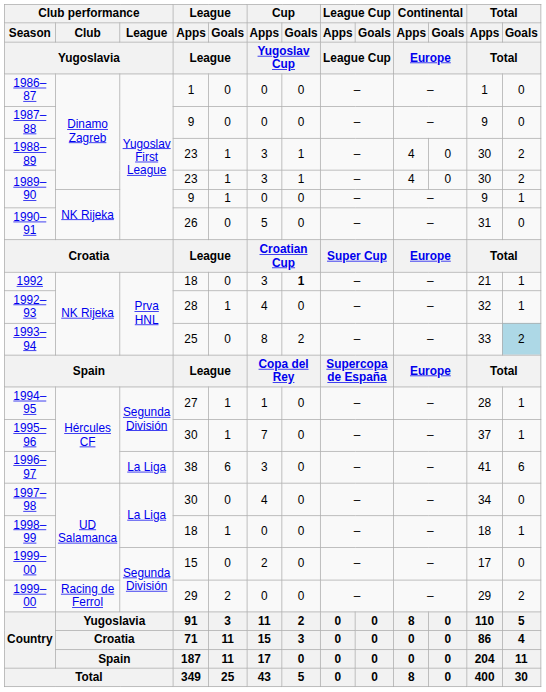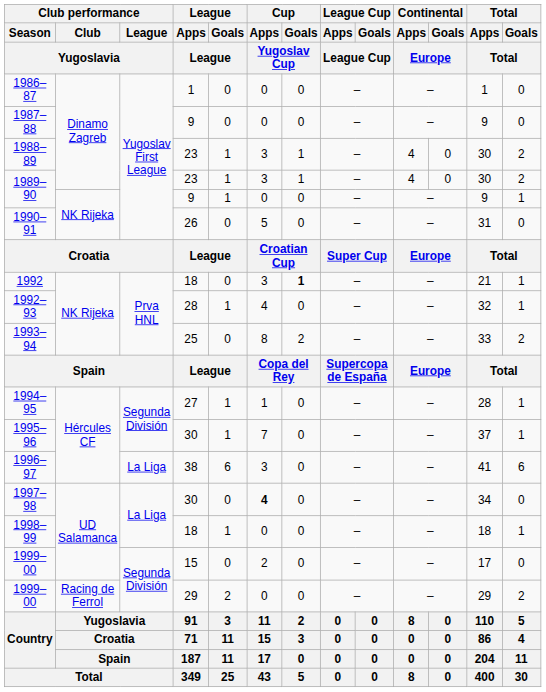 <table class="wikitable" style="text-align:center;">
 <tr>
 <th colspan=3>Club performance</th>
 <th colspan=2>League</th>
 <th colspan=2>Cup</th>
 <th colspan=2>League Cup</th>
 <th colspan=2>Continental</th>
 <th colspan=2>Total</th>
 </tr>
 <tr>
 <th>Season</th>
 <th>Club</th>
 <th>League</th>
 <th>Apps</th>
 <th>Goals</th>
 <th>Apps</th>
 <th>Goals</th>
 <th>Apps</th>
 <th>Goals</th>
 <th>Apps</th>
 <th>Goals</th>
 <th>Apps</th>
 <th>Goals</th>
 </tr>
 <tr>
 <th colspan=3>Yugoslavia</th>
 <th colspan=2>League</th>
 <th colspan=2><a href='#'>Yugoslav Cup</a></th>
 <th colspan=2>League Cup</th>
 <th colspan=2><a href='#'>Europe</a></th>
 <th colspan=2>Total</th>
 </tr>
 <tr>
 <td><a href='#'>1986–87</a></td>
 <td rowspan="4"><a href='#'>Dinamo Zagreb</a></td>
 <td rowspan="6"><a href='#'>Yugoslav First League</a></td>
 <td>1</td>
 <td>0</td>
 <td>0</td>
 <td>0</td>
 <td colspan="2">–</td>
 <td colspan="2">–</td>
 <td>1</td>
 <td>0</td>
 </tr>
 <tr>
 <td><a href='#'>1987–88</a></td>
 <td>9</td>
 <td>0</td>
 <td>0</td>
 <td>0</td>
 <td colspan="2">–</td>
 <td colspan="2">–</td>
 <td>9</td>
 <td>0</td>
 </tr>
 <tr>
 <td><a href='#'>1988–89</a></td>
 <td>23</td>
 <td>1</td>
 <td>3</td>
 <td>1</td>
 <td colspan="2">–</td>
 <td>4</td>
 <td>0</td>
 <td>30</td>
 <td>2</td>
 </tr>
 <tr>
 <td rowspan="2"><a href='#'>1989–90</a></td>
 <td>23</td>
 <td>1</td>
 <td>3</td>
 <td>1</td>
 <td colspan="2">–</td>
 <td>4</td>
 <td>0</td>
 <td>30</td>
 <td>2</td>
 </tr>
 <tr>
 <td rowspan="2"><a href='#'>NK Rijeka</a></td>
 <td>9</td>
 <td>1</td>
 <td>0</td>
 <td>0</td>
 <td colspan="2">–</td>
 <td colspan="2">–</td>
 <td>9</td>
 <td>1</td>
 </tr>
 <tr>
 <td><a href='#'>1990–91</a></td>
 <td>26</td>
 <td>0</td>
 <td>5</td>
 <td>0</td>
 <td colspan="2">–</td>
 <td colspan="2">–</td>
 <td>31</td>
 <td>0</td>
 </tr>
 <tr>
 <th colspan=3>Croatia</th>
 <th colspan=2>League</th>
 <th colspan=2><a href='#'>Croatian Cup</a></th>
 <th colspan=2><a href='#'>Super Cup</a></th>
 <th colspan=2><a href='#'>Europe</a></th>
 <th colspan=2>Total</th>
 </tr>
 <tr>
 <td><a href='#'>1992</a></td>
 <td rowspan="3"><a href='#'>NK Rijeka</a></td>
 <td rowspan="3"><a href='#'>Prva HNL</a></td>
 <td>18</td>
 <td>0</td>
 <td>3</td>
 <td><strong>1</strong></td>
 <td colspan="2">–</td>
 <td colspan="2">–</td>
 <td>21</td>
 <td>1</td>
 </tr>
 <tr>
 <td><a href='#'>1992–93</a></td>
 <td>28</td>
 <td>1</td>
 <td>4</td>
 <td>0</td>
 <td colspan="2">–</td>
 <td colspan="2">–</td>
 <td>32</td>
 <td>1</td>
 </tr>
 <tr>
 <td><a href='#'>1993–94</a></td>
 <td>25</td>
 <td>0</td>
 <td>8</td>
 <td>2</td>
 <td colspan="2">–</td>
 <td colspan="2">–</td>
 <td>33</td>
-<td style="background: lightblue;">2</td>
+<td>2</td>
 </tr>
 <tr>
 <th colspan=3>Spain</th>
 <th colspan=2>League</th>
 <th colspan=2><a href='#'>Copa del Rey</a></th>
 <th colspan=2><a href='#'>Supercopa de España</a></th>
 <th colspan=2><a href='#'>Europe</a></th>
 <th colspan=2>Total</th>
 </tr>
 <tr>
 <td><a href='#'>1994–95</a></td>
 <td rowspan="3"><a href='#'>Hércules CF</a></td>
 <td rowspan="2"><a href='#'>Segunda División</a></td>
 <td>27</td>
 <td>1</td>
 <td>1</td>
 <td>0</td>
 <td colspan="2">–</td>
 <td colspan="2">–</td>
 <td>28</td>
 <td>1</td>
 </tr>
 <tr>
 <td><a href='#'>1995–96</a></td>
 <td>30</td>
 <td>1</td>
 <td>7</td>
 <td>0</td>
 <td colspan="2">–</td>
 <td colspan="2">–</td>
 <td>37</td>
 <td>1</td>
 </tr>
 <tr>
 <td><a href='#'>1996–97</a></td>
 <td rowspan="1"><a href='#'>La Liga</a></td>
 <td>38</td>
 <td>6</td>
 <td>3</td>
 <td>0</td>
 <td colspan="2">–</td>
 <td colspan="2">–</td>
 <td>41</td>
 <td>6</td>
 </tr>
 <tr>
 <td><a href='#'>1997–98</a></td>
 <td rowspan="3"><a href='#'>UD Salamanca</a></td>
 <td rowspan="2"><a href='#'>La Liga</a></td>
 <td>30</td>
 <td>0</td>
-<td>4</td>
+<td><strong>4</strong></td>
 <td>0</td>
 <td colspan="2">–</td>
 <td colspan="2">–</td>
 <td>34</td>
 <td>0</td>
 </tr>
 <tr>
 <td><a href='#'>1998–99</a></td>
 <td>18</td>
 <td>1</td>
 <td>0</td>
 <td>0</td>
 <td colspan="2">–</td>
 <td colspan="2">–</td>
 <td>18</td>
 <td>1</td>
 </tr>
 <tr>
 <td><a href='#'>1999–00</a></td>
 <td rowspan="2"><a href='#'>Segunda División</a></td>
 <td>15</td>
 <td>0</td>
 <td>2</td>
 <td>0</td>
 <td colspan="2">–</td>
 <td colspan="2">–</td>
 <td>17</td>
 <td>0</td>
 </tr>
 <tr>
 <td><a href='#'>1999–00</a></td>
 <td rowspan="1"><a href='#'>Racing de Ferrol</a></td>
 <td>29</td>
 <td>2</td>
 <td>0</td>
 <td>0</td>
 <td colspan="2">–</td>
 <td colspan="2">–</td>
 <td>29</td>
 <td>2</td>
 </tr>
 <tr>
 <th rowspan=3>Country</th>
 <th colspan=2>Yugoslavia</th>
 <th>91</th>
 <th>3</th>
 <th>11</th>
 <th>2</th>
 <th>0</th>
 <th>0</th>
 <th>8</th>
 <th>0</th>
 <th>110</th>
 <th>5</th>
 </tr>
 <tr>
 <th colspan=2>Croatia</th>
 <th>71</th>
 <th>11</th>
 <th>15</th>
 <th>3</th>
 <th>0</th>
 <th>0</th>
 <th>0</th>
 <th>0</th>
 <th>86</th>
 <th>4</th>
 </tr>
 <tr>
 <th colspan=2>Spain</th>
 <th>187</th>
 <th>11</th>
 <th>17</th>
 <th>0</th>
 <th>0</th>
 <th>0</th>
 <th>0</th>
 <th>0</th>
 <th>204</th>
 <th>11</th>
 </tr>
 <tr>
 <th colspan=3>Total</th>
 <th>349</th>
 <th>25</th>
 <th>43</th>
 <th>5</th>
 <th>0</th>
 <th>0</th>
 <th>8</th>
 <th>0</th>
 <th>400</th>
 <th>30</th>
 </tr>
 </table>
